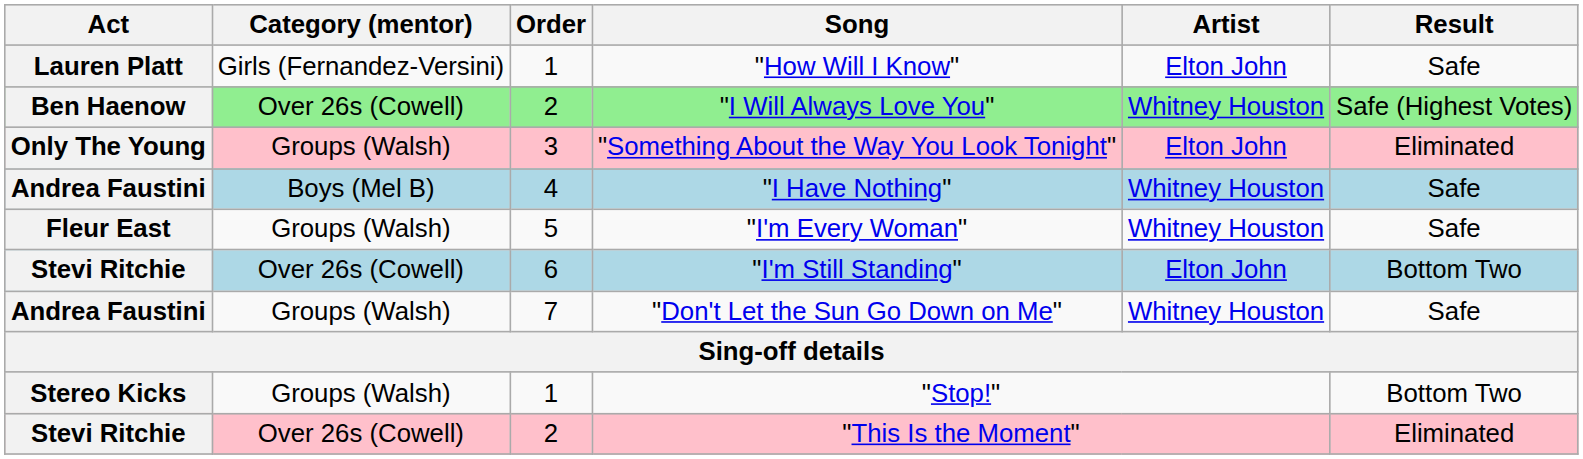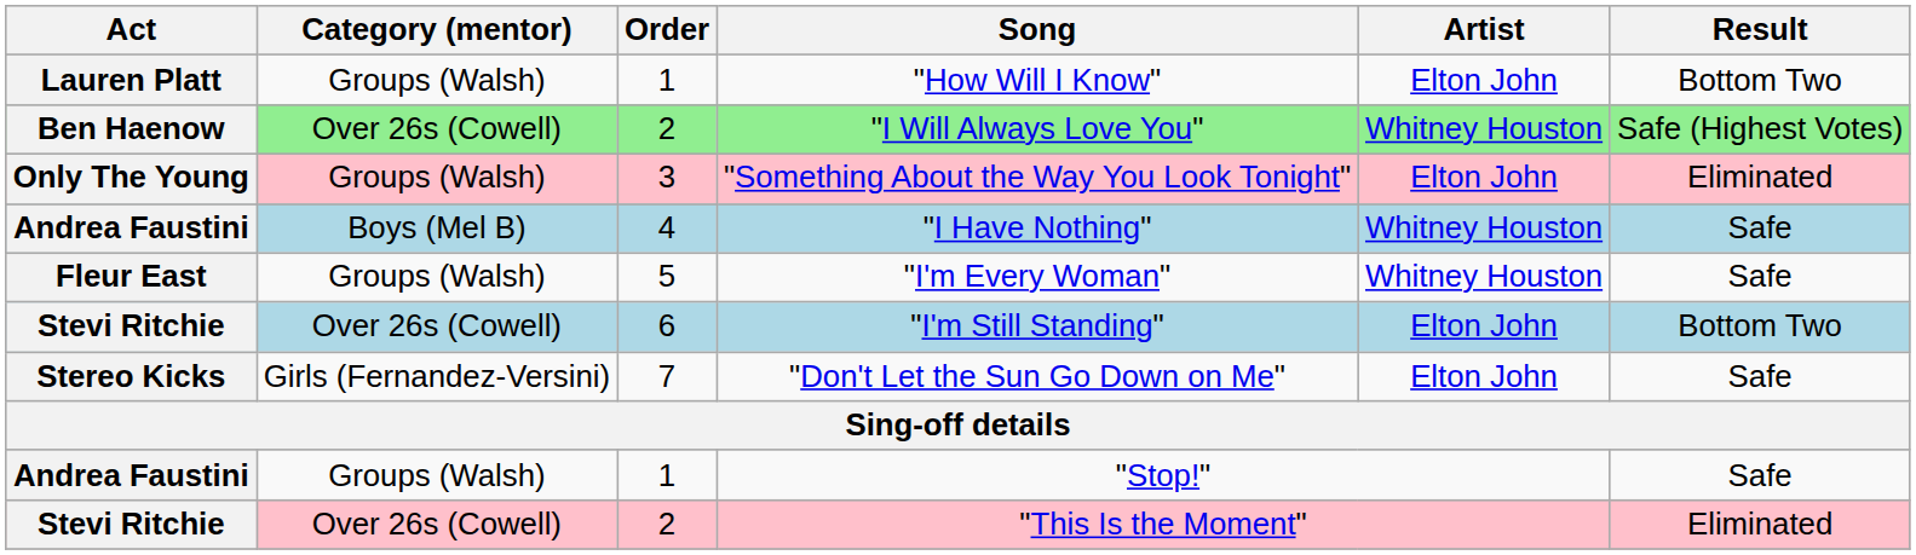 <table class="wikitable plainrowheaders" style="text-align:center;">
 <tr>
 <th scope="col">Act</th>
 <th scope="col">Category (mentor)</th>
 <th scope="col">Order</th>
 <th scope="col">Song</th>
 <th>Artist</th>
 <th scope="col">Result</th>
 </tr>
 <tr>
 <th scope="row">Lauren Platt</th>
-<td>Girls (Fernandez-Versini)</td>
+<td>Groups (Walsh)</td>
 <td>1</td>
 <td>"<a href='#'>How Will I Know</a>"</td>
 <td><a href='#'>Elton John</a></td>
-<td>Safe</td>
+<td>Bottom Two</td>
 </tr>
 <tr style="background:lightgreen;">
 <th scope="row">Ben Haenow</th>
 <td>Over 26s (Cowell)</td>
 <td>2</td>
 <td>"<a href='#'>I Will Always Love You</a>"</td>
 <td><a href='#'>Whitney Houston</a></td>
 <td>Safe (Highest Votes)</td>
 </tr>
 <tr style="background:pink;">
 <th scope="row">Only The Young</th>
 <td>Groups (Walsh)</td>
 <td>3</td>
 <td>"<a href='#'>Something About the Way You Look Tonight</a>"</td>
 <td><a href='#'>Elton John</a></td>
 <td>Eliminated</td>
 </tr>
 <tr style="background:lightblue;">
 <th scope="row">Andrea Faustini</th>
 <td>Boys (Mel B)</td>
 <td>4</td>
 <td>"<a href='#'>I Have Nothing</a>"</td>
 <td><a href='#'>Whitney Houston</a></td>
 <td>Safe</td>
 </tr>
 <tr>
 <th scope="row">Fleur East</th>
 <td>Groups (Walsh)</td>
 <td>5</td>
 <td>"<a href='#'>I'm Every Woman</a>"</td>
 <td><a href='#'>Whitney Houston</a></td>
 <td>Safe</td>
 </tr>
 <tr style="background:lightblue;">
 <th scope="row">Stevi Ritchie</th>
 <td>Over 26s (Cowell)</td>
 <td>6</td>
 <td>"<a href='#'>I'm Still Standing</a>"</td>
 <td><a href='#'>Elton John</a></td>
 <td>Bottom Two</td>
 </tr>
 <tr>
-<th scope="row">Andrea Faustini</th>
-<td>Groups (Walsh)</td>
+<th scope="row">Stereo Kicks</th>
+<td>Girls (Fernandez-Versini)</td>
 <td>7</td>
 <td>"<a href='#'>Don't Let the Sun Go Down on Me</a>"</td>
-<td><a href='#'>Whitney Houston</a></td>
+<td><a href='#'>Elton John</a></td>
 <td>Safe</td>
 </tr>
 <tr>
 <th colspan="6">Sing-off details</th>
 </tr>
 <tr>
-<th scope="row">Stereo Kicks</th>
+<th scope="row">Andrea Faustini</th>
 <td>Groups (Walsh)</td>
 <td>1</td>
 <td colspan="2">"<a href='#'>Stop!</a>"</td>
-<td>Bottom Two</td>
+<td>Safe</td>
 </tr>
 <tr style="background:pink;">
 <th scope="row">Stevi Ritchie</th>
 <td>Over 26s (Cowell)</td>
 <td>2</td>
 <td colspan="2">"<a href='#'>This Is the Moment</a>"</td>
 <td>Eliminated</td>
 </tr>
 </table>
